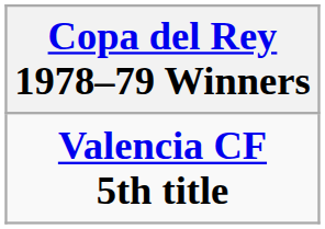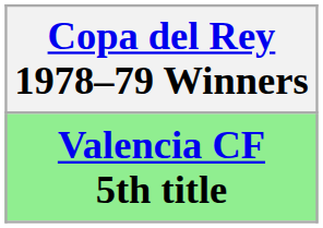 <table class="wikitable" style="text-align: center; margin: 0 auto;">
 <tr>
 <th><a href='#'>Copa del Rey</a><br>1978–79 Winners</th>
 </tr>
 <tr>
-<td><strong><a href='#'>Valencia CF</a></strong><br><strong>5th title</strong></td>
+<td style="background: lightgreen;"><strong><a href='#'>Valencia CF</a></strong><br><strong>5th title</strong></td>
 </tr>
 </table>
